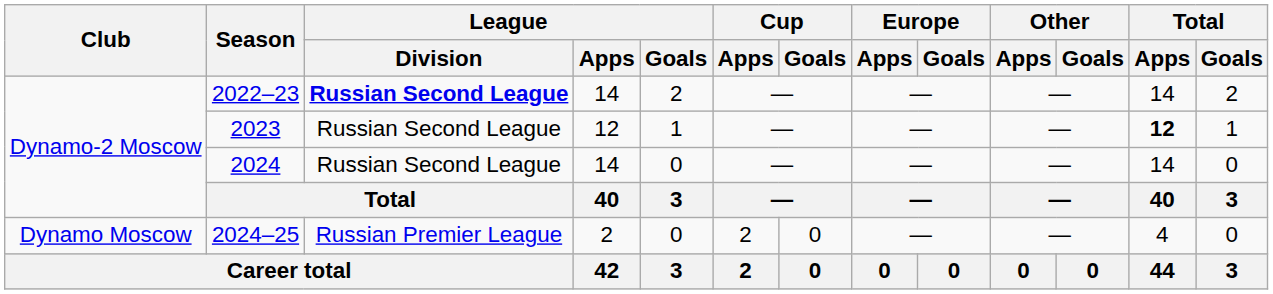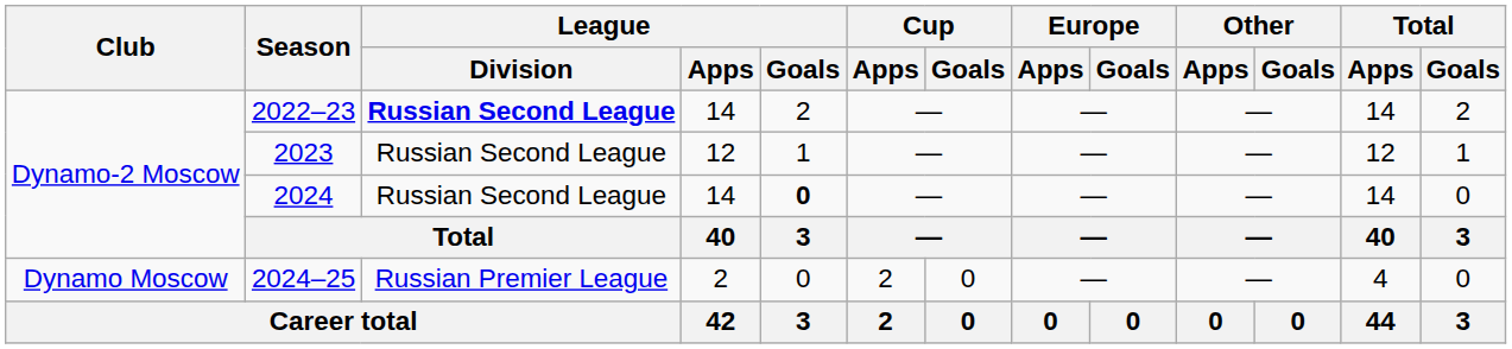 <table class="wikitable" style="text-align: center;">
 <tr>
 <th rowspan="2">Club</th>
 <th rowspan="2">Season</th>
 <th colspan="3">League</th>
 <th colspan="2">Cup</th>
 <th colspan="2">Europe</th>
 <th colspan="2">Other</th>
 <th colspan="2">Total</th>
 </tr>
 <tr>
 <th>Division</th>
 <th>Apps</th>
 <th>Goals</th>
 <th>Apps</th>
 <th>Goals</th>
 <th>Apps</th>
 <th>Goals</th>
 <th>Apps</th>
 <th>Goals</th>
 <th>Apps</th>
 <th>Goals</th>
 </tr>
 <tr>
 <td rowspan="4"><a href='#'>Dynamo-2 Moscow</a></td>
 <td><a href='#'>2022–23</a></td>
 <td><strong><a href='#'>Russian Second League</a></strong></td>
 <td>14</td>
 <td>2</td>
 <td colspan="2">—</td>
 <td colspan="2">—</td>
 <td colspan="2">—</td>
 <td>14</td>
 <td>2</td>
 </tr>
 <tr>
 <td><a href='#'>2023</a></td>
 <td>Russian Second League</td>
 <td>12</td>
 <td>1</td>
 <td colspan="2">—</td>
 <td colspan="2">—</td>
 <td colspan="2">—</td>
-<td><strong>12</strong></td>
+<td>12</td>
 <td>1</td>
 </tr>
 <tr>
 <td><a href='#'>2024</a></td>
 <td>Russian Second League</td>
 <td>14</td>
-<td>0</td>
+<td><strong>0</strong></td>
 <td colspan="2">—</td>
 <td colspan="2">—</td>
 <td colspan="2">—</td>
 <td>14</td>
 <td>0</td>
 </tr>
 <tr>
 <th colspan="2">Total</th>
 <th>40</th>
 <th>3</th>
 <th colspan="2">—</th>
 <th colspan="2">—</th>
 <th colspan="2">—</th>
 <th>40</th>
 <th>3</th>
 </tr>
 <tr>
 <td><a href='#'>Dynamo Moscow</a></td>
 <td><a href='#'>2024–25</a></td>
 <td><a href='#'>Russian Premier League</a></td>
 <td>2</td>
 <td>0</td>
 <td>2</td>
 <td>0</td>
 <td colspan="2">—</td>
 <td colspan="2">—</td>
 <td>4</td>
 <td>0</td>
 </tr>
 <tr>
 <th colspan="3">Career total</th>
 <th>42</th>
 <th>3</th>
 <th>2</th>
 <th>0</th>
 <th>0</th>
 <th>0</th>
 <th>0</th>
 <th>0</th>
 <th>44</th>
 <th>3</th>
 </tr>
 </table>
